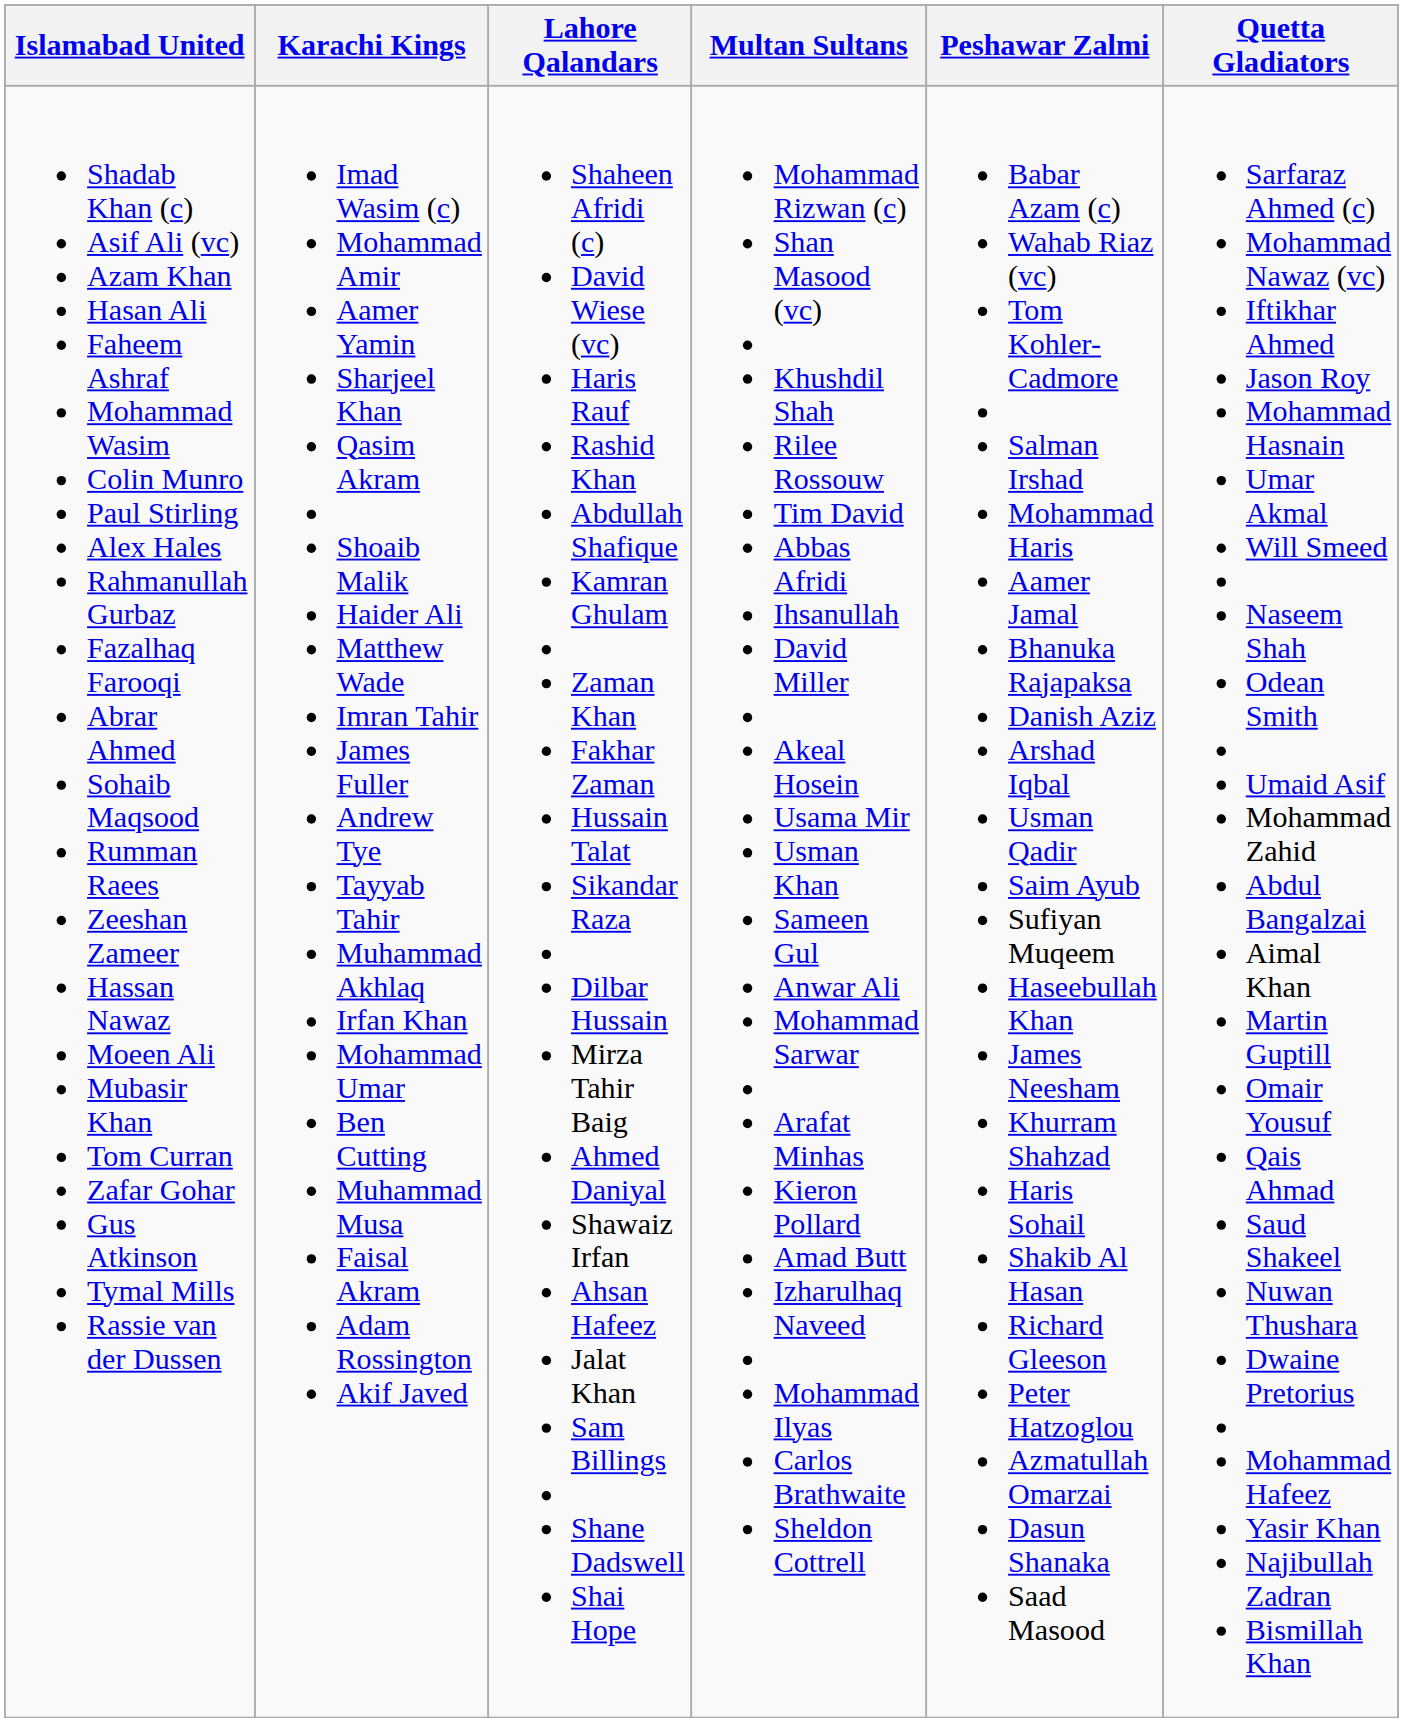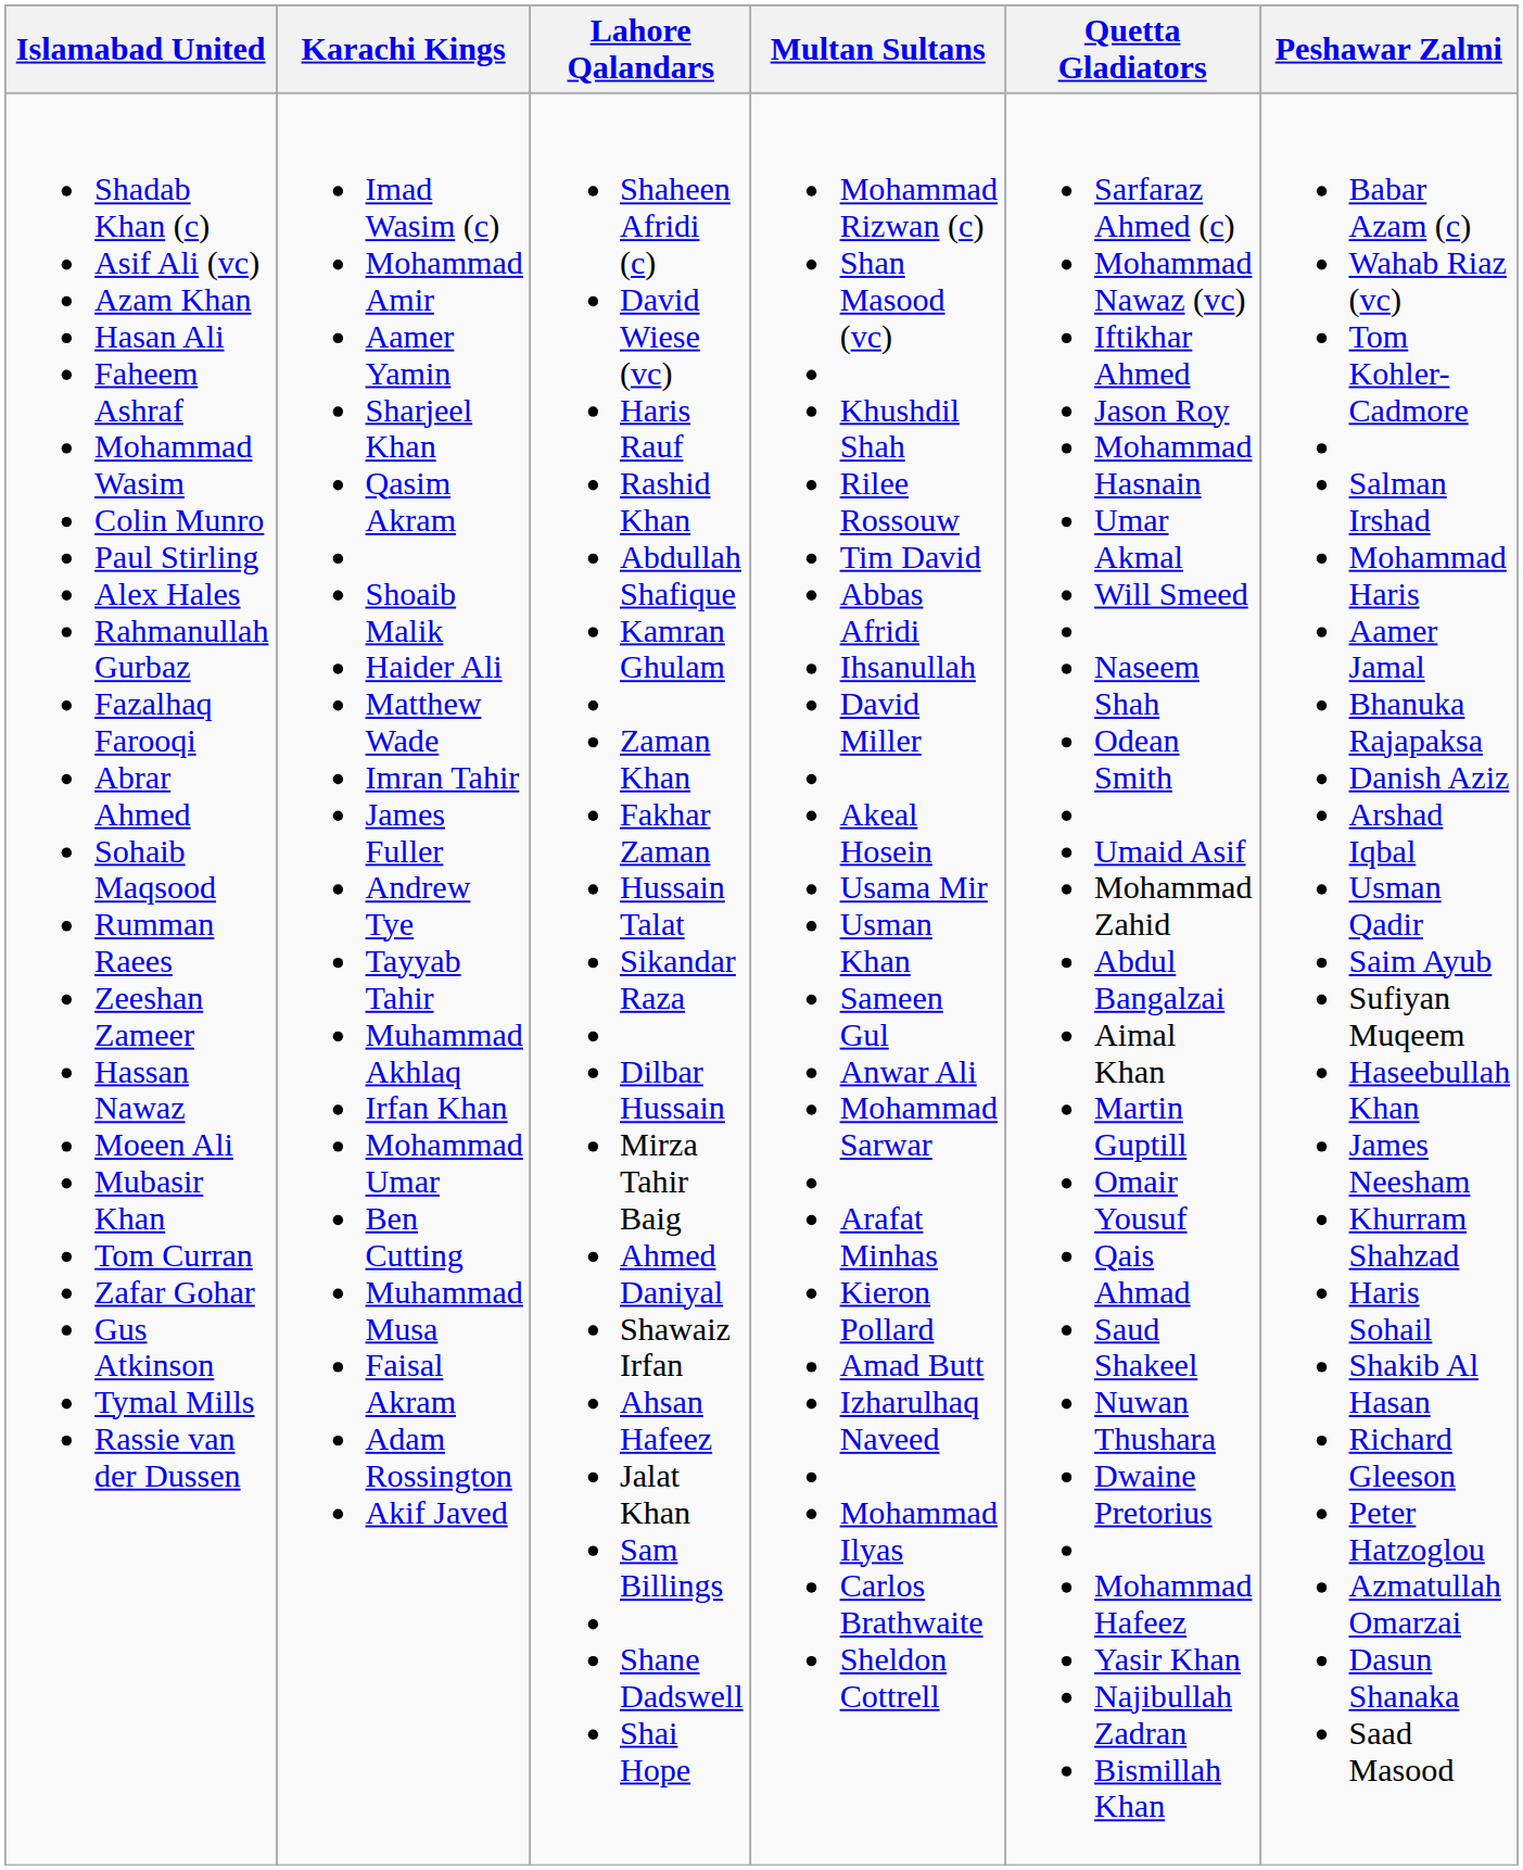 <table class="wikitable">
 <tr>
 <th><a href='#'>Islamabad United</a></th>
 <th><a href='#'>Karachi Kings</a></th>
 <th><a href='#'>Lahore Qalandars</a></th>
 <th><a href='#'>Multan Sultans</a></th>
+<th><a href='#'>Quetta Gladiators</a></th>
 <th><a href='#'>Peshawar Zalmi</a></th>
-<th><a href='#'>Quetta Gladiators</a></th>
 </tr>
 <tr>
 <td valign=top><br><ul><li><a href='#'>Shadab Khan</a> (<a href='#'>c</a>)</li><li><a href='#'>Asif Ali</a> (<a href='#'>vc</a>)</li><li><a href='#'>Azam Khan</a></li><li><a href='#'>Hasan Ali</a></li><li><a href='#'>Faheem Ashraf</a></li><li><a href='#'>Mohammad Wasim</a></li><li><a href='#'>Colin Munro</a></li><li><a href='#'>Paul Stirling</a></li><li><a href='#'>Alex Hales</a></li><li><a href='#'>Rahmanullah Gurbaz</a></li><li><a href='#'>Fazalhaq Farooqi</a></li><li><a href='#'>Abrar Ahmed</a></li><li><a href='#'>Sohaib Maqsood</a></li><li><a href='#'>Rumman Raees</a></li><li><a href='#'>Zeeshan Zameer</a></li><li><a href='#'>Hassan Nawaz</a></li><li><a href='#'>Moeen Ali</a></li><li><a href='#'>Mubasir Khan</a></li><li><a href='#'>Tom Curran</a></li><li><a href='#'>Zafar Gohar</a></li><li><a href='#'>Gus Atkinson</a></li><li><a href='#'>Tymal Mills</a></li><li><a href='#'>Rassie van der Dussen</a></li></ul></td>
 <td valign=top><br><ul><li><a href='#'>Imad Wasim</a> (<a href='#'>c</a>)</li><li><a href='#'>Mohammad Amir</a></li><li><a href='#'>Aamer Yamin</a></li><li><a href='#'>Sharjeel Khan</a></li><li><a href='#'>Qasim Akram</a></li><li></li><li><a href='#'>Shoaib Malik</a></li><li><a href='#'>Haider Ali</a></li><li><a href='#'>Matthew Wade</a></li><li><a href='#'>Imran Tahir</a></li><li><a href='#'>James Fuller</a></li><li><a href='#'>Andrew Tye</a></li><li><a href='#'>Tayyab Tahir</a></li><li><a href='#'>Muhammad Akhlaq</a></li><li><a href='#'>Irfan Khan</a></li><li><a href='#'>Mohammad Umar</a></li><li><a href='#'>Ben Cutting</a></li><li><a href='#'>Muhammad Musa</a></li><li><a href='#'>Faisal Akram</a></li><li><a href='#'>Adam Rossington</a></li><li><a href='#'>Akif Javed</a></li></ul></td>
 <td valign=top><br><ul><li><a href='#'>Shaheen Afridi</a> (<a href='#'>c</a>)</li><li><a href='#'>David Wiese</a> (<a href='#'>vc</a>)</li><li><a href='#'>Haris Rauf</a></li><li><a href='#'>Rashid Khan</a></li><li><a href='#'>Abdullah Shafique</a></li><li><a href='#'>Kamran Ghulam</a></li><li></li><li><a href='#'>Zaman Khan</a></li><li><a href='#'>Fakhar Zaman</a></li><li><a href='#'>Hussain Talat</a></li><li><a href='#'>Sikandar Raza</a></li><li></li><li><a href='#'>Dilbar Hussain</a></li><li>Mirza Tahir Baig</li><li><a href='#'>Ahmed Daniyal</a></li><li>Shawaiz Irfan</li><li><a href='#'>Ahsan Hafeez</a></li><li>Jalat Khan</li><li><a href='#'>Sam Billings</a></li><li></li><li><a href='#'>Shane Dadswell</a></li><li><a href='#'>Shai Hope</a></li></ul></td>
 <td valign=top><br><ul><li><a href='#'>Mohammad Rizwan</a> (<a href='#'>c</a>)</li><li><a href='#'>Shan Masood</a> (<a href='#'>vc</a>)</li><li></li><li><a href='#'>Khushdil Shah</a></li><li><a href='#'>Rilee Rossouw</a></li><li><a href='#'>Tim David</a></li><li><a href='#'>Abbas Afridi</a></li><li><a href='#'>Ihsanullah</a></li><li><a href='#'>David Miller</a></li><li></li><li><a href='#'>Akeal Hosein</a></li><li><a href='#'>Usama Mir</a></li><li><a href='#'>Usman Khan</a></li><li><a href='#'>Sameen Gul</a></li><li><a href='#'>Anwar Ali</a></li><li><a href='#'>Mohammad Sarwar</a></li><li></li><li><a href='#'>Arafat Minhas</a></li><li><a href='#'>Kieron Pollard</a></li><li><a href='#'>Amad Butt</a></li><li><a href='#'>Izharulhaq Naveed</a></li><li></li><li><a href='#'>Mohammad Ilyas</a></li><li><a href='#'>Carlos Brathwaite</a></li><li><a href='#'>Sheldon Cottrell</a></li></ul></td>
+<td valign=top><br><ul><li><a href='#'>Sarfaraz Ahmed</a> (<a href='#'>c</a>)</li><li><a href='#'>Mohammad Nawaz</a> (<a href='#'>vc</a>)</li><li><a href='#'>Iftikhar Ahmed</a></li><li><a href='#'>Jason Roy</a></li><li><a href='#'>Mohammad Hasnain</a></li><li><a href='#'>Umar Akmal</a></li><li><a href='#'>Will Smeed</a></li><li></li><li><a href='#'>Naseem Shah</a></li><li><a href='#'>Odean Smith</a></li><li></li><li><a href='#'>Umaid Asif</a></li><li>Mohammad Zahid</li><li><a href='#'>Abdul Bangalzai</a></li><li>Aimal Khan</li><li><a href='#'>Martin Guptill</a></li><li><a href='#'>Omair Yousuf</a></li><li><a href='#'>Qais Ahmad</a></li><li><a href='#'>Saud Shakeel</a></li><li><a href='#'>Nuwan Thushara</a></li><li><a href='#'>Dwaine Pretorius</a></li><li></li><li><a href='#'>Mohammad Hafeez</a></li><li><a href='#'>Yasir Khan</a></li><li><a href='#'>Najibullah Zadran</a></li><li><a href='#'>Bismillah Khan</a></li></ul></td>
 <td valign=top><br><ul><li><a href='#'>Babar Azam</a> (<a href='#'>c</a>)</li><li><a href='#'>Wahab Riaz</a> (<a href='#'>vc</a>)</li><li><a href='#'>Tom Kohler-Cadmore</a></li><li></li><li><a href='#'>Salman Irshad</a></li><li><a href='#'>Mohammad Haris</a></li><li><a href='#'>Aamer Jamal</a></li><li><a href='#'>Bhanuka Rajapaksa</a></li><li><a href='#'>Danish Aziz</a></li><li><a href='#'>Arshad Iqbal</a></li><li><a href='#'>Usman Qadir</a></li><li><a href='#'>Saim Ayub</a></li><li>Sufiyan Muqeem</li><li><a href='#'>Haseebullah Khan</a></li><li><a href='#'>James Neesham</a></li><li><a href='#'>Khurram Shahzad</a></li><li><a href='#'>Haris Sohail</a></li><li><a href='#'>Shakib Al Hasan</a></li><li><a href='#'>Richard Gleeson</a></li><li><a href='#'>Peter Hatzoglou</a></li><li><a href='#'>Azmatullah Omarzai</a></li><li><a href='#'>Dasun Shanaka</a></li><li>Saad Masood</li></ul></td>
-<td valign=top><br><ul><li><a href='#'>Sarfaraz Ahmed</a> (<a href='#'>c</a>)</li><li><a href='#'>Mohammad Nawaz</a> (<a href='#'>vc</a>)</li><li><a href='#'>Iftikhar Ahmed</a></li><li><a href='#'>Jason Roy</a></li><li><a href='#'>Mohammad Hasnain</a></li><li><a href='#'>Umar Akmal</a></li><li><a href='#'>Will Smeed</a></li><li></li><li><a href='#'>Naseem Shah</a></li><li><a href='#'>Odean Smith</a></li><li></li><li><a href='#'>Umaid Asif</a></li><li>Mohammad Zahid</li><li><a href='#'>Abdul Bangalzai</a></li><li>Aimal Khan</li><li><a href='#'>Martin Guptill</a></li><li><a href='#'>Omair Yousuf</a></li><li><a href='#'>Qais Ahmad</a></li><li><a href='#'>Saud Shakeel</a></li><li><a href='#'>Nuwan Thushara</a></li><li><a href='#'>Dwaine Pretorius</a></li><li></li><li><a href='#'>Mohammad Hafeez</a></li><li><a href='#'>Yasir Khan</a></li><li><a href='#'>Najibullah Zadran</a></li><li><a href='#'>Bismillah Khan</a></li></ul></td>
 </tr>
 </table>
